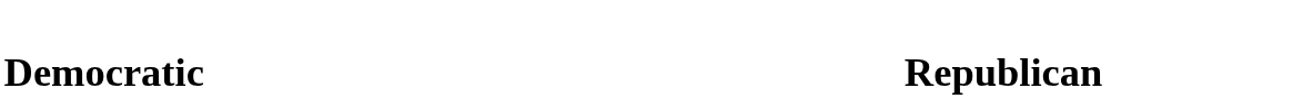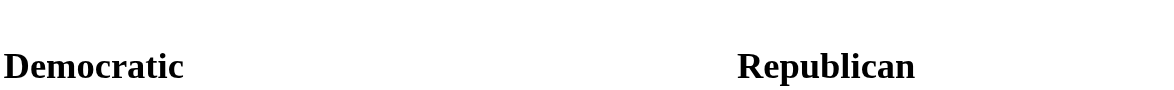 <table style="width:70%; text-align:center">
 <tr style="color:white">
 <td style="background:"><strong>124</strong></td>
 <td style="background:"><strong>22</strong></td>
+<td style="background:"><strong>206</strong></td>
 <td style="background:"><strong>5</strong></td>
-<td style="background:"><strong>206</strong></td>
 </tr>
 <tr>
 <td><span><strong>Democratic</strong></span></td>
 <td><span><strong></strong></span></td>
+<td><span><strong>Republican</strong></span></td>
 <td></td>
-<td><span><strong>Republican</strong></span></td>
 </tr>
 </table>
